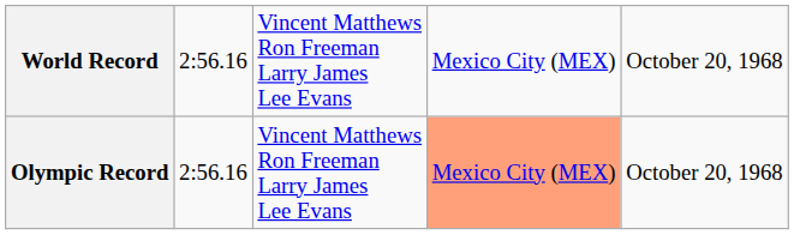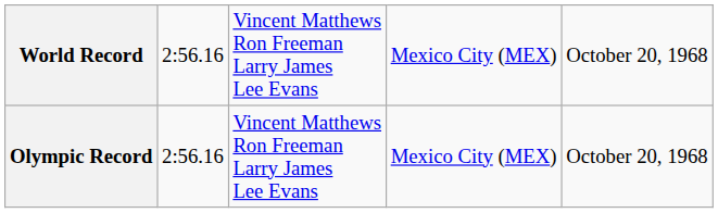 <table class="wikitable" style="text-align:left">
 <tr>
 <th>World Record</th>
 <td>2:56.16</td>
 <td> <a href='#'>Vincent Matthews</a><br> <a href='#'>Ron Freeman</a><br> <a href='#'>Larry James</a><br> <a href='#'>Lee Evans</a></td>
 <td><a href='#'>Mexico City</a> (<a href='#'>MEX</a>)</td>
 <td>October 20, 1968</td>
 </tr>
 <tr>
 <th>Olympic Record</th>
 <td>2:56.16</td>
 <td> <a href='#'>Vincent Matthews</a><br> <a href='#'>Ron Freeman</a><br> <a href='#'>Larry James</a><br> <a href='#'>Lee Evans</a></td>
-<td style="background: lightsalmon;"><a href='#'>Mexico City</a> (<a href='#'>MEX</a>)</td>
+<td><a href='#'>Mexico City</a> (<a href='#'>MEX</a>)</td>
 <td>October 20, 1968</td>
 </tr>
 </table>
